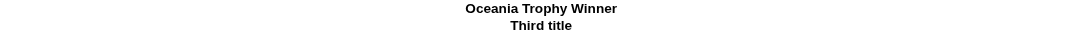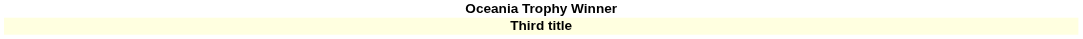 <table cellspacing=0 width=100% style="text-align:center; font-weight:bold;">
 <tr>
 <td></td>
 </tr>
 <tr>
 <td>Oceania Trophy Winner</td>
 </tr>
 <tr>
-<td>Third title</td>
+<td style="background: lightyellow;">Third title</td>
 </tr>
 </table>
